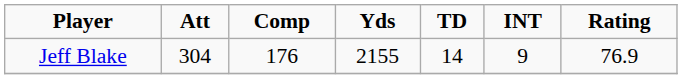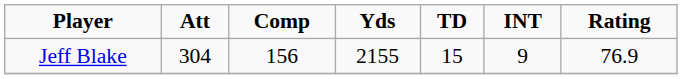 <table class="wikitable" width="80%">
 <tr align="center">
 <td><strong>Player</strong></td>
 <td><strong>Att</strong></td>
 <td><strong>Comp</strong></td>
 <td><strong>Yds</strong></td>
 <td><strong>TD</strong></td>
 <td><strong>INT</strong></td>
 <td><strong>Rating</strong></td>
 </tr>
 <tr align="center" bgcolor="">
 <td><a href='#'>Jeff Blake</a></td>
 <td>304</td>
-<td>176</td>
+<td>156</td>
 <td>2155</td>
-<td>14</td>
+<td>15</td>
 <td>9</td>
 <td>76.9</td>
 </tr>
 <tr align="center" bgcolor="">
 </tr>
 </table>
